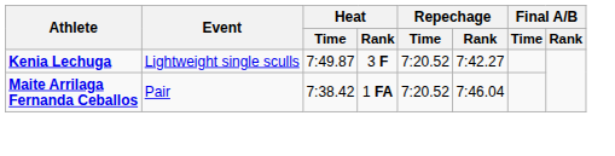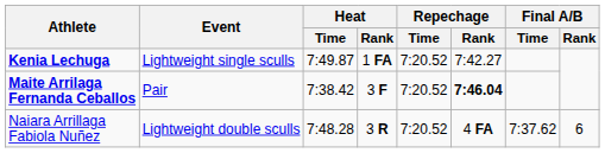 <table class=wikitable style=font-size:90%;text-align:center>
 <tr>
 <th rowspan=2>Athlete</th>
 <th rowspan=2>Event</th>
 <th colspan=2>Heat</th>
 <th colspan=2>Repechage</th>
 <th colspan=2>Final A/B</th>
 </tr>
 <tr style=font-size:95%>
 <th>Time</th>
 <th>Rank</th>
 <th>Time</th>
 <th>Rank</th>
 <th>Time</th>
 <th>Rank</th>
 </tr>
 <tr>
 <td align=left><strong><a href='#'>Kenia Lechuga</a></strong></td>
 <td align=left><a href='#'>Lightweight single sculls</a></td>
 <td>7:49.87</td>
-<td>3 <strong>F</strong></td>
+<td>1 <strong>FA</strong></td>
 <td>7:20.52</td>
 <td>7:42.27</td>
 <td></td>
 </tr>
 <tr>
 <td align=left><strong><a href='#'>Maite Arrilaga</a><br><a href='#'>Fernanda Ceballos</a></strong></td>
 <td align=left><a href='#'>Pair</a></td>
 <td>7:38.42</td>
-<td>1 <strong>FA</strong></td>
+<td>3 <strong>F</strong></td>
 <td>7:20.52</td>
-<td>7:46.04</td>
+<td><strong>7:46.04</strong></td>
 <td></td>
 </tr>
+<tr>
+<td align=left><a href='#'>Naiara Arrillaga</a><br><a href='#'>Fabiola Nuñez</a></td>
+<td align=left><a href='#'>Lightweight double sculls</a></td>
+<td>7:48.28</td>
+<td>3 <strong>R</strong></td>
+<td>7:20.52</td>
+<td>4 <strong>FA</strong></td>
+<td>7:37.62</td>
+<td>6</td>
+</tr>
 </table>
